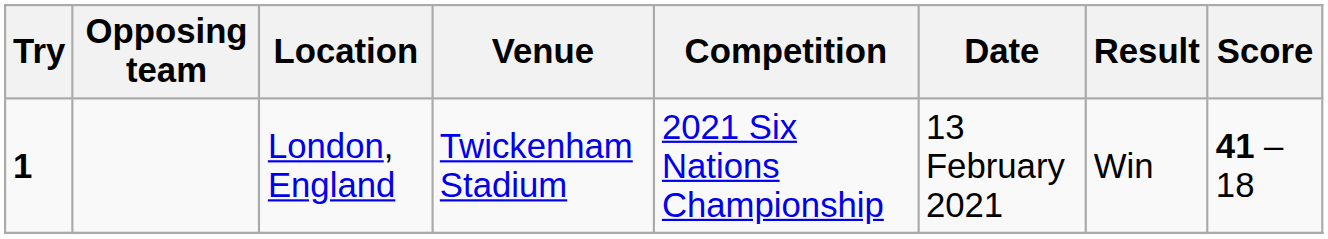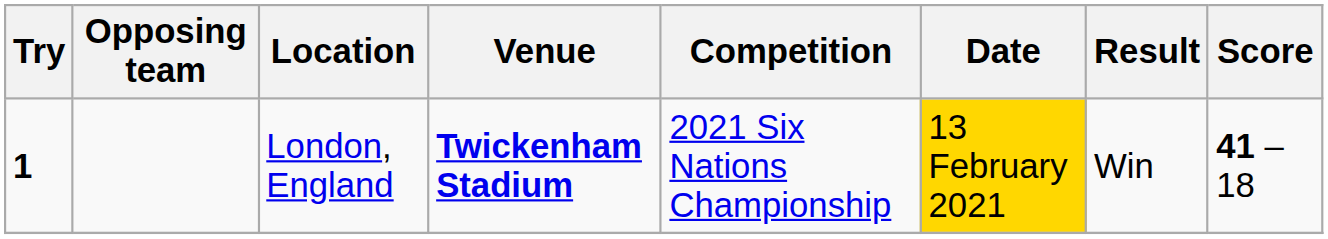 <table class="wikitable" style="font-size:100%">
 <tr>
 <th>Try</th>
 <th>Opposing team</th>
 <th>Location</th>
 <th>Venue</th>
 <th>Competition</th>
 <th>Date</th>
 <th>Result</th>
 <th>Score</th>
 </tr>
 <tr>
 <td><strong>1</strong></td>
 <td></td>
 <td><a href='#'>London</a>, <a href='#'>England</a></td>
-<td><a href='#'>Twickenham Stadium</a></td>
+<td><strong><a href='#'>Twickenham Stadium</a></strong></td>
 <td><a href='#'>2021 Six Nations Championship</a></td>
-<td>13 February 2021</td>
+<td style="background: gold;">13 February 2021</td>
 <td>Win</td>
 <td><strong>41</strong> – 18</td>
 </tr>
 <tr>
 </tr>
 </table>
